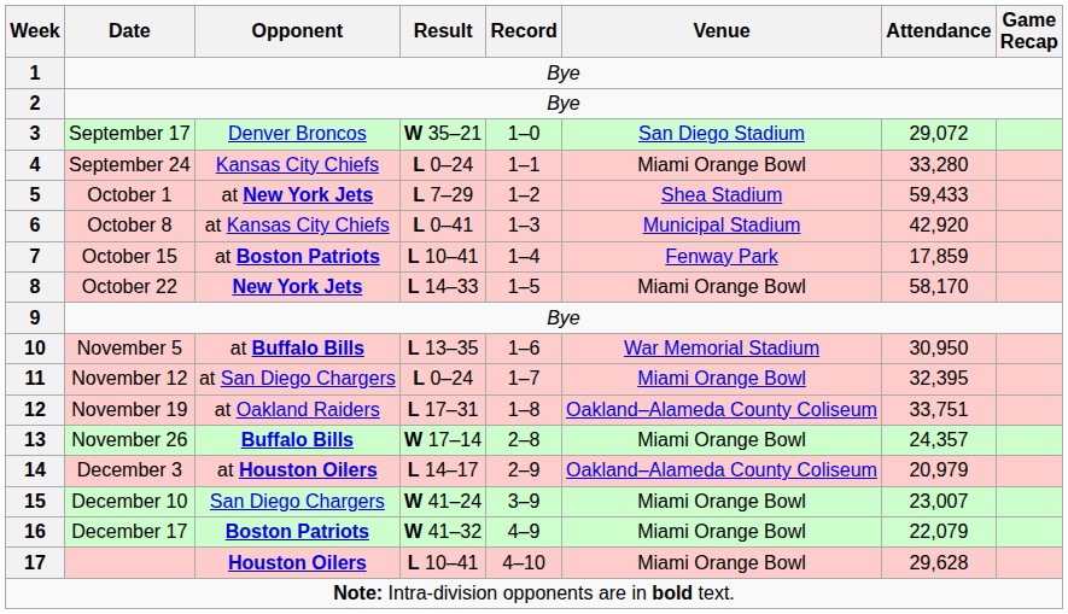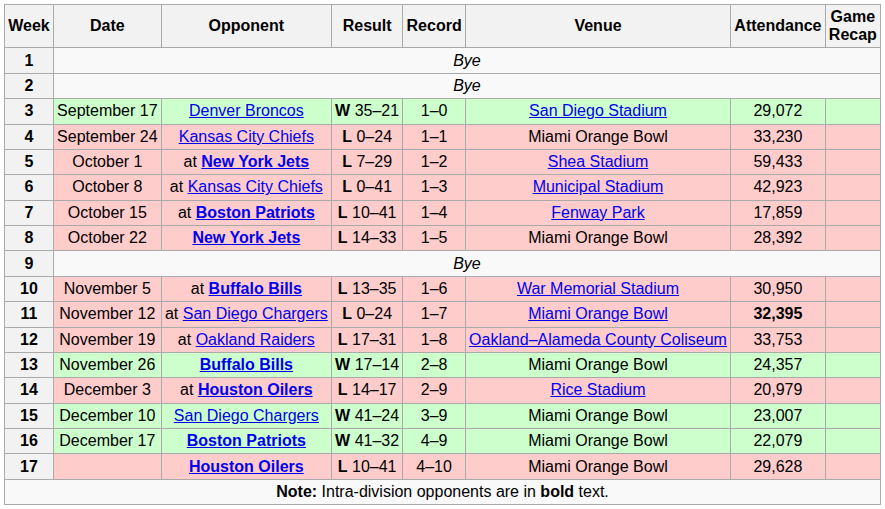 <table class="wikitable" style="text-align:center">
 <tr>
 <th>Week</th>
 <th>Date</th>
 <th>Opponent</th>
 <th>Result</th>
 <th>Record</th>
 <th>Venue</th>
 <th>Attendance</th>
 <th>Game<br>Recap</th>
 </tr>
 <tr>
 <th>1</th>
 <td colspan=7 align="center"><em>Bye</em></td>
 </tr>
 <tr>
 <th>2</th>
 <td colspan=7 align="center"><em>Bye</em></td>
 </tr>
 <tr style="background:#cfc">
 <th>3</th>
 <td>September 17</td>
 <td><a href='#'>Denver Broncos</a></td>
 <td><strong>W</strong> 35–21</td>
 <td>1–0</td>
 <td><a href='#'>San Diego Stadium</a></td>
 <td>29,072</td>
 <td></td>
 </tr>
 <tr style="background:#fcc">
 <th>4</th>
 <td>September 24</td>
 <td><a href='#'>Kansas City Chiefs</a></td>
 <td><strong>L</strong> 0–24</td>
 <td>1–1</td>
 <td>Miami Orange Bowl</td>
-<td>33,280</td>
+<td>33,230</td>
 <td></td>
 </tr>
 <tr style="background:#fcc">
 <th>5</th>
 <td>October 1</td>
 <td>at <strong><a href='#'>New York Jets</a></strong></td>
 <td><strong>L</strong> 7–29</td>
 <td>1–2</td>
 <td><a href='#'>Shea Stadium</a></td>
 <td>59,433</td>
 <td></td>
 </tr>
 <tr style="background:#fcc">
 <th>6</th>
 <td>October 8</td>
 <td>at <a href='#'>Kansas City Chiefs</a></td>
 <td><strong>L</strong> 0–41</td>
 <td>1–3</td>
 <td><a href='#'>Municipal Stadium</a></td>
-<td>42,920</td>
+<td>42,923</td>
 <td></td>
 </tr>
 <tr style="background:#fcc">
 <th>7</th>
 <td>October 15</td>
 <td>at <strong><a href='#'>Boston Patriots</a></strong></td>
 <td><strong>L</strong> 10–41</td>
 <td>1–4</td>
 <td><a href='#'>Fenway Park</a></td>
 <td>17,859</td>
 <td></td>
 </tr>
 <tr style="background:#fcc">
 <th>8</th>
 <td>October 22</td>
 <td><strong><a href='#'>New York Jets</a></strong></td>
 <td><strong>L</strong> 14–33</td>
 <td>1–5</td>
 <td>Miami Orange Bowl</td>
-<td>58,170</td>
+<td>28,392</td>
 <td></td>
 </tr>
 <tr>
 <th>9</th>
 <td colspan=7 align="center"><em>Bye</em></td>
 </tr>
 <tr style="background:#fcc">
 <th>10</th>
 <td>November 5</td>
 <td>at <strong><a href='#'>Buffalo Bills</a></strong></td>
 <td><strong>L</strong> 13–35</td>
 <td>1–6</td>
 <td><a href='#'>War Memorial Stadium</a></td>
 <td>30,950</td>
 <td></td>
 </tr>
 <tr style="background:#fcc">
 <th>11</th>
 <td>November 12</td>
 <td>at <a href='#'>San Diego Chargers</a></td>
 <td><strong>L</strong> 0–24</td>
 <td>1–7</td>
 <td><a href='#'>Miami Orange Bowl</a></td>
-<td>32,395</td>
+<td><strong>32,395</strong></td>
 <td></td>
 </tr>
 <tr style="background:#fcc">
 <th>12</th>
 <td>November 19</td>
 <td>at <a href='#'>Oakland Raiders</a></td>
 <td><strong>L</strong> 17–31</td>
 <td>1–8</td>
 <td><a href='#'>Oakland–Alameda County Coliseum</a></td>
-<td>33,751</td>
+<td>33,753</td>
 <td></td>
 </tr>
 <tr style="background:#cfc">
 <th>13</th>
 <td>November 26</td>
 <td><strong><a href='#'>Buffalo Bills</a></strong></td>
 <td><strong>W</strong> 17–14</td>
 <td>2–8</td>
 <td>Miami Orange Bowl</td>
 <td>24,357</td>
 <td></td>
 </tr>
 <tr style="background:#fcc">
 <th>14</th>
 <td>December 3</td>
 <td>at <strong><a href='#'>Houston Oilers</a></strong></td>
 <td><strong>L</strong> 14–17</td>
 <td>2–9</td>
-<td><a href='#'>Oakland–Alameda County Coliseum</a></td>
+<td><a href='#'>Rice Stadium</a></td>
 <td>20,979</td>
 <td></td>
 </tr>
 <tr style="background:#cfc">
 <th>15</th>
 <td>December 10</td>
 <td><a href='#'>San Diego Chargers</a></td>
 <td><strong>W</strong> 41–24</td>
 <td>3–9</td>
 <td>Miami Orange Bowl</td>
 <td>23,007</td>
 <td></td>
 </tr>
 <tr style="background:#cfc">
 <th>16</th>
 <td>December 17</td>
 <td><strong><a href='#'>Boston Patriots</a></strong></td>
 <td><strong>W</strong> 41–32</td>
 <td>4–9</td>
 <td>Miami Orange Bowl</td>
 <td>22,079</td>
 <td></td>
 </tr>
 <tr style="background:#fcc">
 <th>17</th>
 <td></td>
 <td><strong><a href='#'>Houston Oilers</a></strong></td>
 <td><strong>L</strong> 10–41</td>
 <td>4–10</td>
 <td>Miami Orange Bowl</td>
 <td>29,628</td>
 <td></td>
 </tr>
 <tr>
 <td colspan="8"><strong>Note:</strong> Intra-division opponents are in <strong>bold</strong> text.</td>
 </tr>
 </table>
